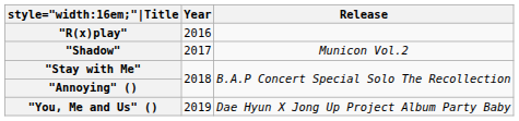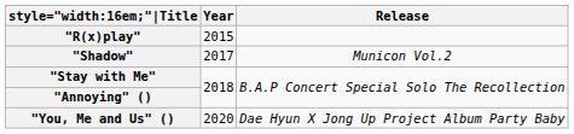 <table class="wikitable plainrowheaders" style="text-align:center;" border="1">
 <tr>
 <th scope="col">style="width:16em;"|Title</th>
 <th scope="col">Year</th>
 <th scope="col">Release</th>
 </tr>
 <tr>
 <th scope="row">"R(x)play"<br></th>
-<td>2016</td>
+<td>2015</td>
 <td></td>
 </tr>
 <tr>
 <th scope="row">"Shadow"<br></th>
 <td>2017</td>
 <td><em>Municon Vol.2</em></td>
 </tr>
 <tr>
 <th scope="row">"Stay with Me"<br></th>
 <td rowspan="2">2018</td>
 <td rowspan="2"><em>B.A.P Concert Special Solo The Recollection</em></td>
 </tr>
 <tr>
 <th scope="row">"Annoying" ()<br></th>
 </tr>
 <tr>
 <th scope="row">"You, Me and Us" ()<br></th>
-<td>2019</td>
+<td>2020</td>
 <td><em>Dae Hyun X Jong Up Project Album Party Baby</em></td>
 </tr>
 </table>
